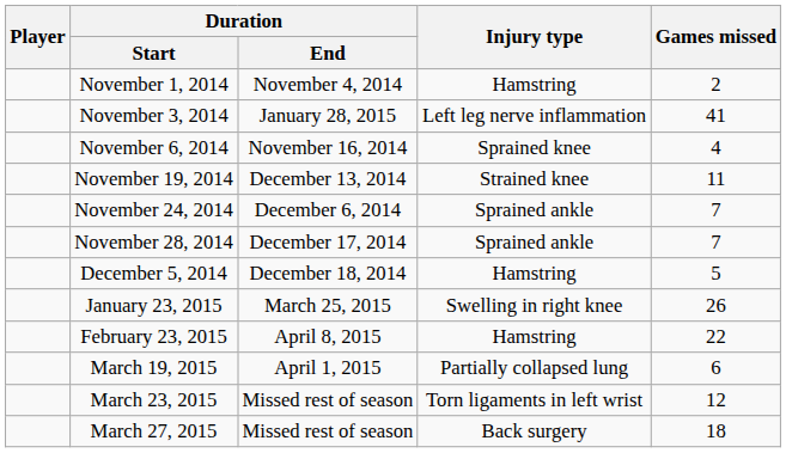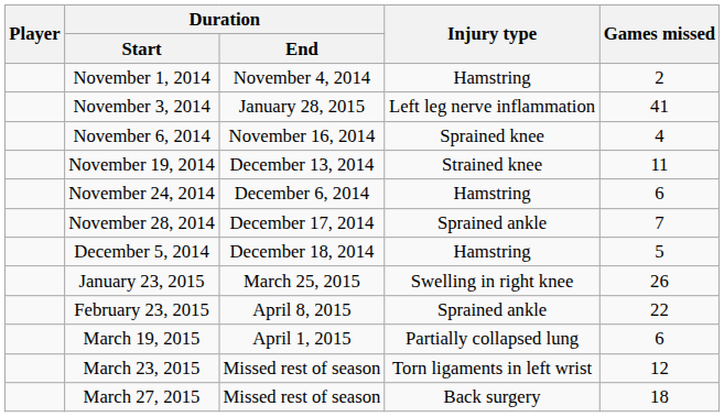 <table class="wikitable sortable collapsible" style="text-align:center;">
 <tr>
 <th rowspan="2">Player</th>
 <th colspan="2">Duration</th>
 <th rowspan="2">Injury type</th>
 <th rowspan="2">Games missed</th>
 </tr>
 <tr>
 <th>Start</th>
 <th>End<br></th>
 </tr>
 <tr>
 <td></td>
 <td>November 1, 2014</td>
 <td>November 4, 2014</td>
 <td>Hamstring</td>
 <td>2</td>
 </tr>
 <tr>
 <td></td>
 <td>November 3, 2014</td>
 <td>January 28, 2015</td>
 <td>Left leg nerve inflammation</td>
 <td>41</td>
 </tr>
 <tr>
 <td></td>
 <td>November 6, 2014</td>
 <td>November 16, 2014</td>
 <td>Sprained knee</td>
 <td>4</td>
 </tr>
 <tr>
 <td></td>
 <td>November 19, 2014</td>
 <td>December 13, 2014</td>
 <td>Strained knee</td>
 <td>11</td>
 </tr>
 <tr>
 <td></td>
 <td>November 24, 2014</td>
 <td>December 6, 2014</td>
-<td>Sprained ankle</td>
-<td>7</td>
+<td>Hamstring</td>
+<td>6</td>
 </tr>
 <tr>
 <td></td>
 <td>November 28, 2014</td>
 <td>December 17, 2014</td>
 <td>Sprained ankle</td>
 <td>7</td>
 </tr>
 <tr>
 <td></td>
 <td>December 5, 2014</td>
 <td>December 18, 2014</td>
 <td>Hamstring</td>
 <td>5</td>
 </tr>
 <tr>
 <td></td>
 <td>January 23, 2015</td>
 <td>March 25, 2015</td>
 <td>Swelling in right knee</td>
 <td>26</td>
 </tr>
 <tr>
 <td></td>
 <td>February 23, 2015</td>
 <td>April 8, 2015</td>
-<td>Hamstring</td>
+<td>Sprained ankle</td>
 <td>22</td>
 </tr>
 <tr>
 <td></td>
 <td>March 19, 2015</td>
 <td>April 1, 2015</td>
 <td>Partially collapsed lung</td>
 <td>6</td>
 </tr>
 <tr>
 <td></td>
 <td>March 23, 2015</td>
 <td>Missed rest of season</td>
 <td>Torn ligaments in left wrist</td>
 <td>12</td>
 </tr>
 <tr>
 <td></td>
 <td>March 27, 2015</td>
 <td>Missed rest of season</td>
 <td>Back surgery</td>
 <td>18</td>
 </tr>
 </table>
